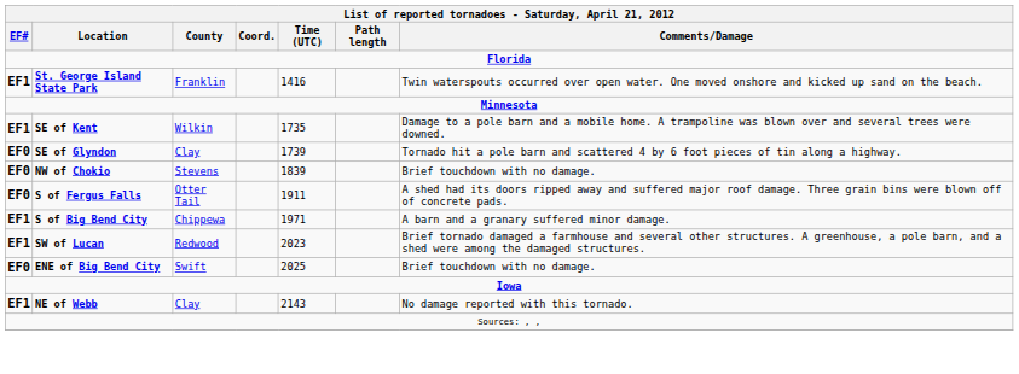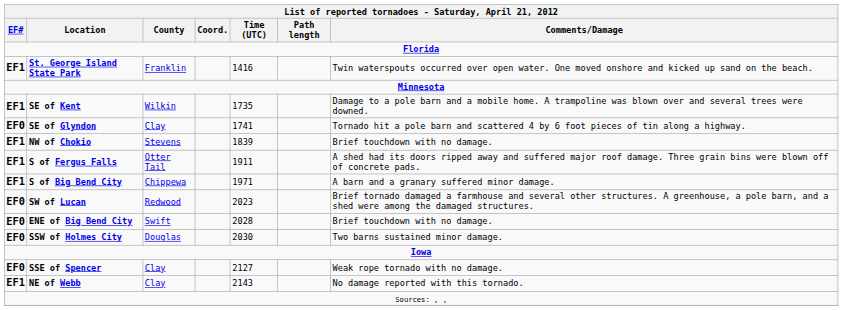 <table class="wikitable collapsible" width="100%">
 <tr>
 <th colspan="7">List of reported tornadoes - Saturday, April 21, 2012</th>
 </tr>
 <tr>
 <th><a href='#'>EF#</a></th>
 <th>Location</th>
 <th>County</th>
 <th>Coord.</th>
 <th>Time (UTC)</th>
 <th>Path length</th>
 <th>Comments/Damage</th>
 </tr>
 <tr>
 <td colspan="7" align=center><strong><a href='#'>Florida</a></strong></td>
 </tr>
 <tr>
 <td><big><strong>EF1</strong></big></td>
 <td><strong><a href='#'>St. George Island State Park</a></strong></td>
 <td><a href='#'>Franklin</a></td>
 <td></td>
 <td>1416</td>
 <td></td>
 <td>Twin waterspouts occurred over open water. One moved onshore and kicked up sand on the beach.</td>
 </tr>
 <tr>
 <td colspan="7" align=center><strong><a href='#'>Minnesota</a></strong></td>
 </tr>
 <tr>
 <td><big><strong>EF1</strong></big></td>
 <td><strong>SE of <a href='#'>Kent</a></strong></td>
 <td><a href='#'>Wilkin</a></td>
 <td></td>
 <td>1735</td>
 <td></td>
 <td>Damage to a pole barn and a mobile home. A trampoline was blown over and several trees were downed.</td>
 </tr>
 <tr>
 <td><big><strong>EF0</strong></big></td>
 <td><strong>SE of <a href='#'>Glyndon</a></strong></td>
 <td><a href='#'>Clay</a></td>
 <td></td>
-<td>1739</td>
+<td>1741</td>
 <td></td>
 <td>Tornado hit a pole barn and scattered 4 by 6 foot pieces of tin along a highway.</td>
 </tr>
 <tr>
-<td><big><strong>EF0</strong></big></td>
+<td><big><strong>EF1</strong></big></td>
 <td><strong>NW of <a href='#'>Chokio</a></strong></td>
 <td><a href='#'>Stevens</a></td>
 <td></td>
 <td>1839</td>
 <td></td>
 <td>Brief touchdown with no damage.</td>
 </tr>
 <tr>
-<td><big><strong>EF0</strong></big></td>
+<td><big><strong>EF1</strong></big></td>
 <td><strong>S of <a href='#'>Fergus Falls</a></strong></td>
 <td><a href='#'>Otter Tail</a></td>
 <td></td>
 <td>1911</td>
 <td></td>
 <td>A shed had its doors ripped away and suffered major roof damage. Three grain bins were blown off of concrete pads.</td>
 </tr>
 <tr>
 <td><big><strong>EF1</strong></big></td>
 <td><strong>S of <a href='#'>Big Bend City</a></strong></td>
 <td><a href='#'>Chippewa</a></td>
 <td></td>
 <td>1971</td>
 <td></td>
 <td>A barn and a granary suffered minor damage.</td>
 </tr>
 <tr>
-<td><big><strong>EF1</strong></big></td>
+<td><big><strong>EF0</strong></big></td>
 <td><strong>SW of <a href='#'>Lucan</a></strong></td>
 <td><a href='#'>Redwood</a></td>
 <td></td>
 <td>2023</td>
 <td></td>
 <td>Brief tornado damaged a farmhouse and several other structures. A greenhouse, a pole barn, and a shed were among the damaged structures.</td>
 </tr>
 <tr>
 <td><big><strong>EF0</strong></big></td>
 <td><strong>ENE of <a href='#'>Big Bend City</a></strong></td>
 <td><a href='#'>Swift</a></td>
 <td></td>
-<td>2025</td>
+<td>2028</td>
 <td></td>
 <td>Brief touchdown with no damage.</td>
 </tr>
 <tr>
+<td><big><strong>EF0</strong></big></td>
+<td><strong>SSW of <a href='#'>Holmes City</a></strong></td>
+<td><a href='#'>Douglas</a></td>
+<td></td>
+<td>2030</td>
+<td></td>
+<td>Two barns sustained minor damage.</td>
+</tr>
+<tr>
 <td colspan="7" align=center><strong><a href='#'>Iowa</a></strong></td>
+</tr>
+<tr>
+<td><big><strong>EF0</strong></big></td>
+<td><strong>SSE of <a href='#'>Spencer</a></strong></td>
+<td><a href='#'>Clay</a></td>
+<td></td>
+<td>2127</td>
+<td></td>
+<td>Weak rope tornado with no damage.</td>
 </tr>
 <tr>
 <td><big><strong>EF1</strong></big></td>
 <td><strong>NE of <a href='#'>Webb</a></strong></td>
 <td><a href='#'>Clay</a></td>
 <td></td>
 <td>2143</td>
 <td></td>
 <td>No damage reported with this tornado.</td>
 </tr>
 <tr>
 <td colspan="7" align=center><small>Sources: , , </small></td>
 </tr>
 <tr>
 </tr>
 </table>
